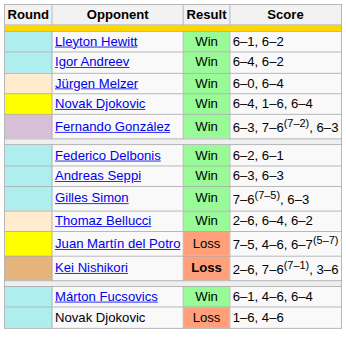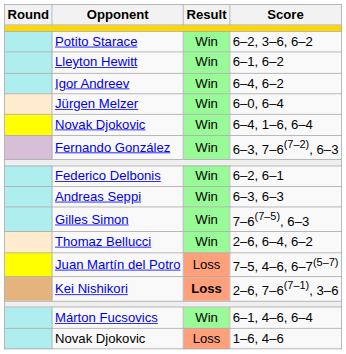 <table class="wikitable nowrap">
 <tr>
 <th>Round</th>
 <th>Opponent</th>
 <th>Result</th>
 <th>Score</th>
 </tr>
 <tr bgcolor="efefef" class="sortbottom">
 <td colspan=4 bgcolor=gold></td>
+</tr>
+<tr>
+<td bgcolor=afeeee></td>
+<td> <a href='#'>Potito Starace</a></td>
+<td bgcolor=#98FB98 style="text-align:center;">Win</td>
+<td>6–2, 3–6, 6–2</td>
 </tr>
 <tr>
 <td bgcolor=afeeee></td>
 <td> <a href='#'>Lleyton Hewitt</a></td>
 <td bgcolor=#98FB98 style="text-align:center;">Win</td>
 <td>6–1, 6–2</td>
 </tr>
 <tr>
 <td bgcolor=afeeee></td>
 <td> <a href='#'>Igor Andreev</a></td>
 <td bgcolor=#98FB98 style="text-align:center;">Win</td>
 <td>6–4, 6–2</td>
 </tr>
 <tr>
 <td bgcolor=ffebcd></td>
 <td> <a href='#'>Jürgen Melzer</a></td>
 <td bgcolor=#98FB98 style="text-align:center;">Win</td>
 <td>6–0, 6–4</td>
 </tr>
 <tr>
 <td bgcolor=yellow></td>
 <td> <a href='#'>Novak Djokovic</a></td>
 <td bgcolor=#98FB98 style="text-align:center;">Win</td>
 <td>6–4, 1–6, 6–4</td>
 </tr>
 <tr>
 <td bgcolor=thistle></td>
 <td> <a href='#'>Fernando González</a></td>
 <td bgcolor=#98FB98 style="text-align:center;">Win</td>
 <td>6–3, 7–6<sup>(7–2)</sup>, 6–3</td>
 </tr>
 <tr bgcolor="efefef" class="sortbottom">
 <td colspan=4></td>
 </tr>
 <tr>
 <td bgcolor=afeeee></td>
 <td> <a href='#'>Federico Delbonis</a></td>
 <td bgcolor=#98FB98 style="text-align:center;">Win</td>
 <td>6–2, 6–1</td>
 </tr>
 <tr>
 <td bgcolor=afeeee></td>
 <td> <a href='#'>Andreas Seppi</a></td>
 <td bgcolor=#98FB98 style="text-align:center;">Win</td>
 <td>6–3, 6–3</td>
 </tr>
 <tr>
 <td bgcolor=afeeee></td>
 <td> <a href='#'>Gilles Simon</a></td>
 <td bgcolor=#98FB98 style="text-align:center;">Win</td>
 <td>7–6<sup>(7–5)</sup>, 6–3</td>
 </tr>
 <tr>
 <td bgcolor=ffebcd></td>
 <td> <a href='#'>Thomaz Bellucci</a></td>
 <td bgcolor=#98FB98 style="text-align:center;">Win</td>
 <td>2–6, 6–4, 6–2</td>
 </tr>
 <tr>
 <td bgcolor=yellow></td>
 <td> <a href='#'>Juan Martín del Potro</a></td>
 <td bgcolor=#FFA07A style="text-align:center;">Loss</td>
 <td>7–5, 4–6, 6–7<sup>(5–7)</sup></td>
 </tr>
 <tr>
 <td bgcolor=E5B47D></td>
 <td> <a href='#'>Kei Nishikori</a></td>
 <td bgcolor=#FFA07A style="text-align:center;"><strong>Loss</strong></td>
 <td>2–6, 7–6<sup>(7–1)</sup>, 3–6</td>
 </tr>
 <tr bgcolor="efefef" class="sortbottom">
 <td colspan=4></td>
 </tr>
 <tr>
 <td bgcolor=afeeee></td>
 <td> <a href='#'>Márton Fucsovics</a></td>
 <td bgcolor=#98FB98 style="text-align:center;">Win</td>
 <td>6–1, 4–6, 6–4</td>
 </tr>
 <tr>
 <td bgcolor=afeeee></td>
 <td> Novak Djokovic</td>
 <td bgcolor=#FFA07A style="text-align:center;">Loss</td>
 <td>1–6, 4–6</td>
 </tr>
 </table>
